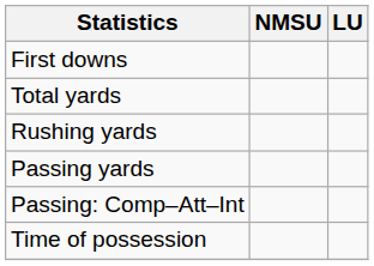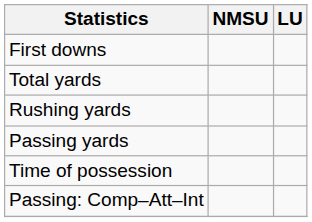 <table class="wikitable" style="float: left;">
 <tr>
 <th>Statistics</th>
 <th>NMSU</th>
 <th>LU</th>
 </tr>
 <tr>
 <td>First downs</td>
 <td></td>
 <td></td>
 </tr>
 <tr>
 <td>Total yards</td>
 <td></td>
 <td></td>
 </tr>
 <tr>
 <td>Rushing yards</td>
 <td></td>
 <td></td>
 </tr>
 <tr>
 <td>Passing yards</td>
 <td></td>
 <td></td>
 </tr>
 <tr>
-<td>Passing: Comp–Att–Int</td>
+<td>Time of possession</td>
 <td></td>
 <td></td>
 </tr>
 <tr>
-<td>Time of possession</td>
+<td>Passing: Comp–Att–Int</td>
 <td></td>
 <td></td>
 </tr>
 <tr>
 </tr>
 </table>
